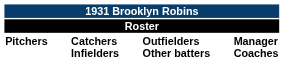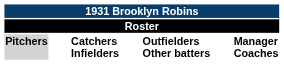 <table class="toccolours" style="font-size: 95%;">
 <tr>
 <th colspan="10" style="background-color: #083c6b; color: white; text-align: center;">1931 Brooklyn Robins</th>
 </tr>
 <tr>
 <td colspan="10" style="background-color: black; color: white; text-align: center;"><strong>Roster</strong></td>
 </tr>
 <tr>
-<td valign="top"><strong>Pitchers</strong><br>             </td>
+<td valign="top" style="background: lightgrey;"><strong>Pitchers</strong><br>             </td>
 <td width="25px"></td>
 <td valign="top"><strong>Catchers</strong><br>   <strong>Infielders</strong>         </td>
 <td width="25px"></td>
 <td valign="top"><strong>Outfielders</strong><br>       <strong>Other batters</strong>  </td>
 <td width="25px"></td>
 <td valign="top"><strong>Manager</strong><br> <strong>Coaches</strong>   </td>
 </tr>
 </table>
